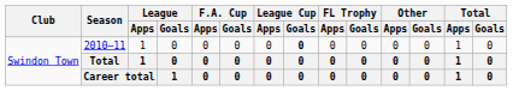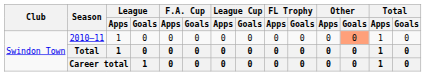 <table class="wikitable" style="text-align: center;">
 <tr>
 <th rowspan="2">Club</th>
 <th rowspan="2">Season</th>
 <th colspan="2">League</th>
 <th colspan="2">F.A. Cup</th>
 <th colspan="2">League Cup</th>
 <th colspan="2">FL Trophy</th>
 <th colspan="2">Other</th>
 <th colspan="2">Total</th>
 </tr>
 <tr>
 <th>Apps</th>
 <th>Goals</th>
 <th>Apps</th>
 <th>Goals</th>
 <th>Apps</th>
 <th>Goals</th>
 <th>Apps</th>
 <th>Goals</th>
 <th>Apps</th>
 <th>Goals</th>
 <th>Apps</th>
 <th>Goals</th>
 </tr>
 <tr>
 <td rowspan="12"><a href='#'>Swindon Town</a></td>
 <td><a href='#'>2010–11</a></td>
 <td>1</td>
 <td>0</td>
 <td>0</td>
 <td>0</td>
 <td>0</td>
-<td><strong>0</strong></td>
 <td>0</td>
 <td>0</td>
 <td>0</td>
 <td>0</td>
+<td style="background: lightsalmon;">0</td>
 <td>1</td>
 <td>0</td>
 </tr>
 <tr>
 <th>Total</th>
 <th>1</th>
 <th>0</th>
 <th>0</th>
 <th>0</th>
 <th>0</th>
 <th>0</th>
 <th>0</th>
 <th>0</th>
 <th>0</th>
 <th>0</th>
 <th>1</th>
 <th>0</th>
 </tr>
 <tr>
 <th colspan="2">Career total</th>
 <th>1</th>
 <th>0</th>
 <th>0</th>
 <th>0</th>
 <th>0</th>
 <th>0</th>
 <th>0</th>
 <th>0</th>
 <th>0</th>
 <th>1</th>
 <th>0</th>
 </tr>
 </table>
